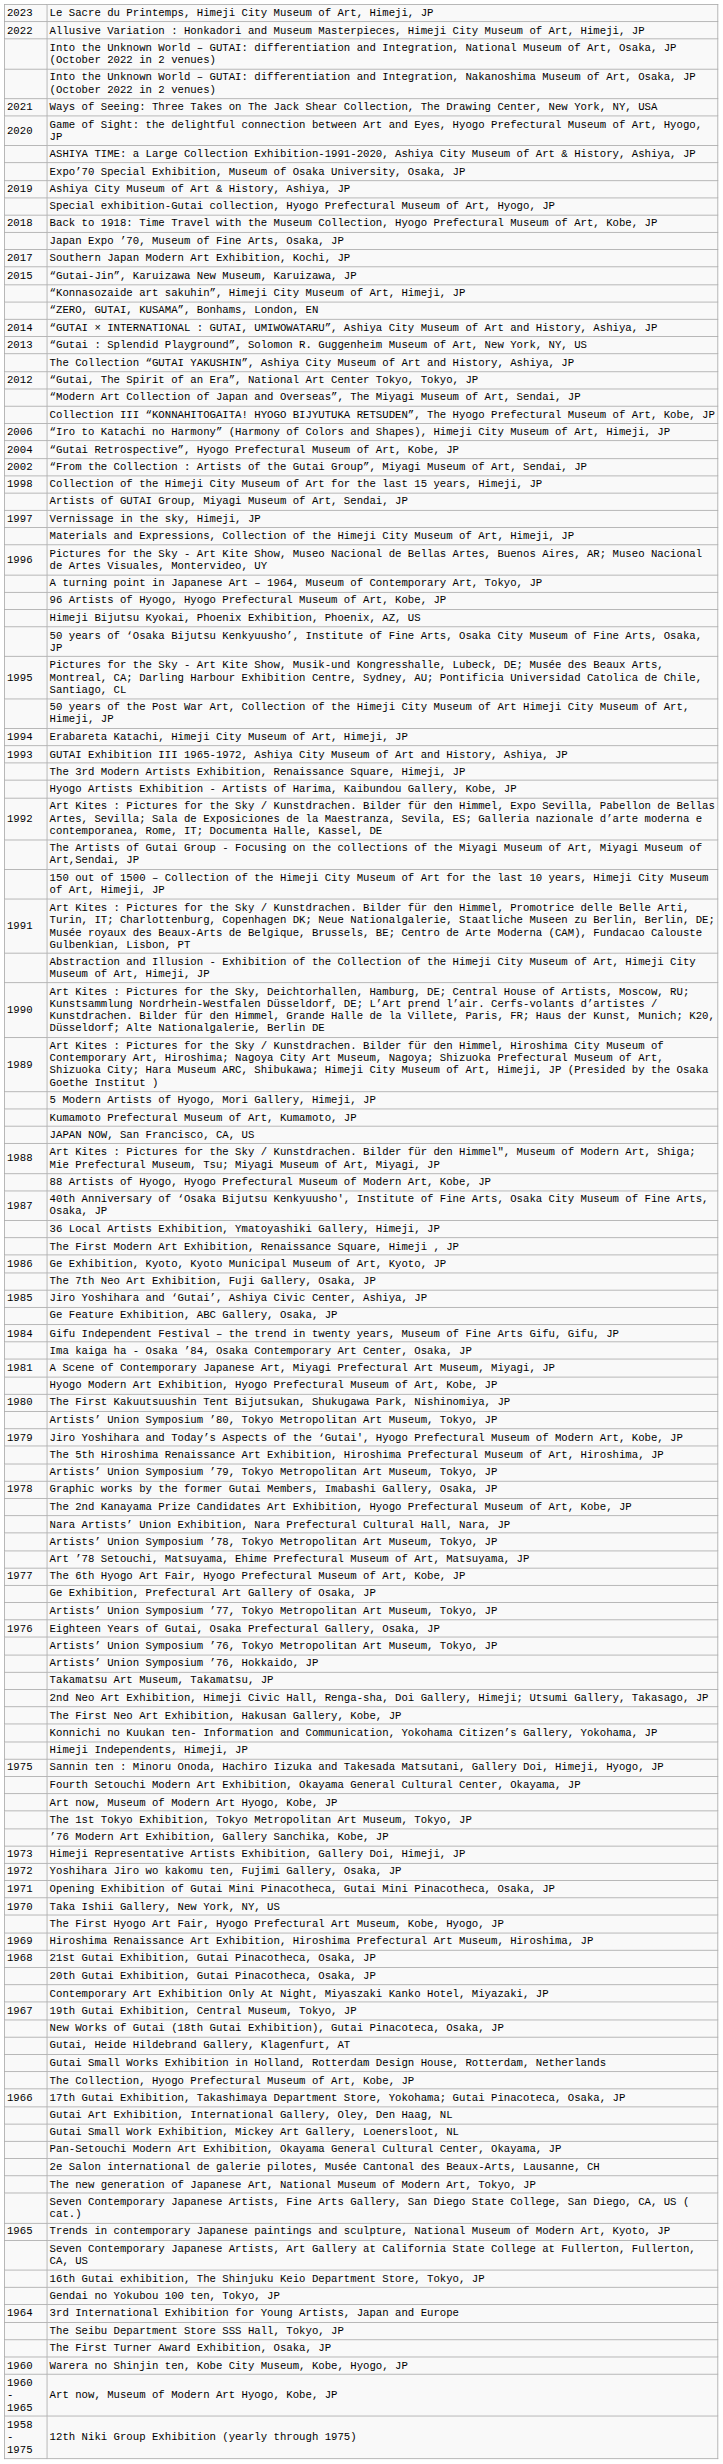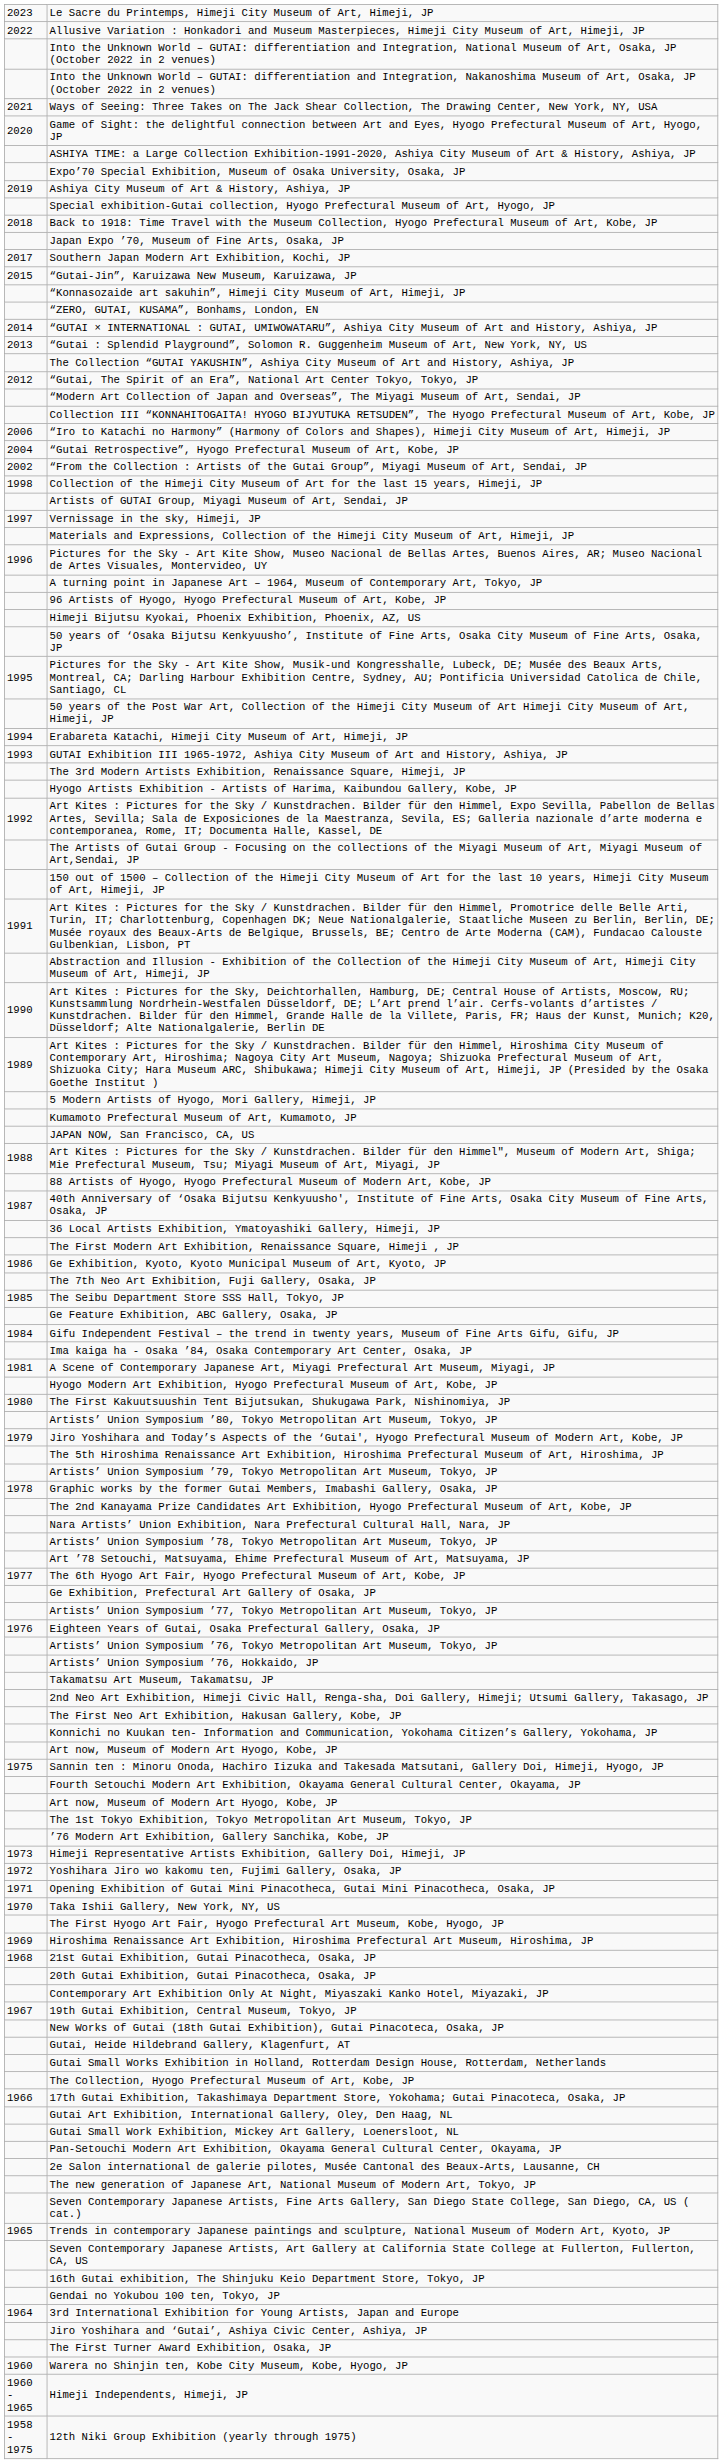 <table class="wikitable">
 <tr>
 <td>2023</td>
 <td>Le Sacre du Printemps, Himeji City Museum of Art, Himeji, JP</td>
 </tr>
 <tr>
 <td>2022</td>
 <td>Allusive Variation : Honkadori and Museum Masterpieces, Himeji City Museum of Art, Himeji, JP</td>
 </tr>
 <tr>
 <td></td>
 <td>Into the Unknown World – GUTAI: differentiation and Integration, National Museum of Art, Osaka, JP (October 2022 in 2 venues)</td>
 </tr>
 <tr>
 <td></td>
 <td>Into the Unknown World – GUTAI: differentiation and Integration, Nakanoshima Museum of Art, Osaka, JP (October 2022 in 2 venues)</td>
 </tr>
 <tr>
 <td>2021</td>
 <td>Ways of Seeing: Three Takes on The Jack Shear Collection, The Drawing Center, New York, NY, USA</td>
 </tr>
 <tr>
 <td>2020</td>
 <td>Game of Sight: the delightful connection between Art and Eyes, Hyogo Prefectural Museum of Art, Hyogo, JP</td>
 </tr>
 <tr>
 <td></td>
 <td>ASHIYA TIME: a Large Collection Exhibition-1991-2020, Ashiya City Museum of Art & History, Ashiya, JP</td>
 </tr>
 <tr>
 <td></td>
 <td>Expo’70 Special Exhibition, Museum of Osaka University, Osaka, JP</td>
 </tr>
 <tr>
 <td>2019</td>
 <td>Ashiya City Museum of Art & History, Ashiya, JP</td>
 </tr>
 <tr>
 <td></td>
 <td>Special exhibition-Gutai collection, Hyogo Prefectural Museum of Art, Hyogo, JP</td>
 </tr>
 <tr>
 <td>2018</td>
 <td>Back to 1918: Time Travel with the Museum Collection, Hyogo Prefectural Museum of Art, Kobe, JP</td>
 </tr>
 <tr>
 <td></td>
 <td>Japan Expo ’70, Museum of Fine Arts, Osaka, JP</td>
 </tr>
 <tr>
 <td>2017</td>
 <td>Southern Japan Modern Art Exhibition, Kochi, JP</td>
 </tr>
 <tr>
 <td>2015</td>
 <td>“Gutai-Jin”, Karuizawa New Museum, Karuizawa, JP</td>
 </tr>
 <tr>
 <td></td>
 <td>“Konnasozaide art sakuhin”, Himeji City Museum of Art, Himeji, JP</td>
 </tr>
 <tr>
 <td></td>
 <td>“ZERO, GUTAI, KUSAMA”, Bonhams, London, EN</td>
 </tr>
 <tr>
 <td>2014</td>
 <td>“GUTAI × INTERNATIONAL : GUTAI, UMIWOWATARU”, Ashiya City Museum of Art and History, Ashiya, JP</td>
 </tr>
 <tr>
 <td>2013</td>
 <td>“Gutai : Splendid Playground”, Solomon R. Guggenheim Museum of Art, New York, NY, US</td>
 </tr>
 <tr>
 <td></td>
 <td>The Collection “GUTAI YAKUSHIN”, Ashiya City Museum of Art and History, Ashiya, JP</td>
 </tr>
 <tr>
 <td>2012</td>
 <td>“Gutai, The Spirit of an Era”, National Art Center Tokyo, Tokyo, JP</td>
 </tr>
 <tr>
 <td></td>
 <td>“Modern Art Collection of Japan and Overseas”, The Miyagi Museum of Art, Sendai, JP</td>
 </tr>
 <tr>
 <td></td>
 <td>Collection III “KONNAHITOGAITA! HYOGO BIJYUTUKA RETSUDEN”, The Hyogo Prefectural Museum of Art, Kobe, JP</td>
 </tr>
 <tr>
 <td>2006</td>
 <td>“Iro to Katachi no Harmony” (Harmony of Colors and Shapes), Himeji City Museum of Art, Himeji, JP</td>
 </tr>
 <tr>
 <td>2004</td>
 <td>“Gutai Retrospective”, Hyogo Prefectural Museum of Art, Kobe, JP</td>
 </tr>
 <tr>
 <td>2002</td>
 <td>“From the Collection : Artists of the Gutai Group”, Miyagi Museum of Art, Sendai, JP</td>
 </tr>
 <tr>
 <td>1998</td>
 <td>Collection of the Himeji City Museum of Art for the last 15 years, Himeji, JP</td>
 </tr>
 <tr>
 <td></td>
 <td>Artists of GUTAI Group, Miyagi Museum of Art, Sendai, JP</td>
 </tr>
 <tr>
 <td>1997</td>
 <td>Vernissage in the sky, Himeji, JP</td>
 </tr>
 <tr>
 <td></td>
 <td>Materials and Expressions, Collection of the Himeji City Museum of Art, Himeji, JP</td>
 </tr>
 <tr>
 <td>1996</td>
 <td>Pictures for the Sky - Art Kite Show, Museo Nacional de Bellas Artes, Buenos Aires, AR; Museo Nacional de Artes Visuales, Montervideo, UY</td>
 </tr>
 <tr>
 <td></td>
 <td>A turning point in Japanese Art – 1964, Museum of Contemporary Art, Tokyo, JP</td>
 </tr>
 <tr>
 <td></td>
 <td>96 Artists of Hyogo, Hyogo Prefectural Museum of Art, Kobe, JP</td>
 </tr>
 <tr>
 <td></td>
 <td>Himeji Bijutsu Kyokai, Phoenix Exhibition, Phoenix, AZ, US</td>
 </tr>
 <tr>
 <td></td>
 <td>50 years of ‘Osaka Bijutsu Kenkyuusho’, Institute of Fine Arts, Osaka City Museum of Fine Arts, Osaka, JP</td>
 </tr>
 <tr>
 <td>1995</td>
 <td>Pictures for the Sky - Art Kite Show, Musik-und Kongresshalle, Lubeck, DE; Musée des Beaux Arts, Montreal, CA; Darling Harbour Exhibition Centre, Sydney, AU; Pontificia Universidad Catolica de Chile, Santiago, CL</td>
 </tr>
 <tr>
 <td></td>
 <td>50 years of the Post War Art, Collection of the Himeji City Museum of Art Himeji City Museum of Art, Himeji, JP</td>
 </tr>
 <tr>
 <td>1994</td>
 <td>Erabareta Katachi, Himeji City Museum of Art, Himeji, JP</td>
 </tr>
 <tr>
 <td>1993</td>
 <td>GUTAI Exhibition III 1965-1972, Ashiya City Museum of Art and History, Ashiya, JP</td>
 </tr>
 <tr>
 <td></td>
 <td>The 3rd Modern Artists Exhibition, Renaissance Square, Himeji, JP</td>
 </tr>
 <tr>
 <td></td>
 <td>Hyogo Artists Exhibition - Artists of Harima, Kaibundou Gallery, Kobe, JP</td>
 </tr>
 <tr>
 <td>1992</td>
 <td>Art Kites : Pictures for the Sky / Kunstdrachen. Bilder für den Himmel, Expo Sevilla, Pabellon de Bellas Artes, Sevilla; Sala de Exposiciones de la Maestranza, Sevila, ES; Galleria nazionale d’arte moderna e contemporanea, Rome, IT; Documenta Halle, Kassel, DE</td>
 </tr>
 <tr>
 <td></td>
 <td>The Artists of Gutai Group - Focusing on the collections of the Miyagi Museum of Art, Miyagi Museum of Art,Sendai, JP</td>
 </tr>
 <tr>
 <td></td>
 <td>150 out of 1500 – Collection of the Himeji City Museum of Art for the last 10 years, Himeji City Museum of Art, Himeji, JP</td>
 </tr>
 <tr>
 <td>1991</td>
 <td>Art Kites : Pictures for the Sky / Kunstdrachen. Bilder für den Himmel, Promotrice delle Belle Arti, Turin, IT; Charlottenburg, Copenhagen DK; Neue Nationalgalerie, Staatliche Museen zu Berlin, Berlin, DE; Musée royaux des Beaux-Arts de Belgique, Brussels, BE; Centro de Arte Moderna (CAM), Fundacao Calouste Gulbenkian, Lisbon, PT</td>
 </tr>
 <tr>
 <td></td>
 <td>Abstraction and Illusion - Exhibition of the Collection of the Himeji City Museum of Art, Himeji City Museum of Art, Himeji, JP</td>
 </tr>
 <tr>
 <td>1990</td>
 <td>Art Kites : Pictures for the Sky, Deichtorhallen, Hamburg, DE; Central House of Artists, Moscow, RU; Kunstsammlung Nordrhein-Westfalen Düsseldorf, DE; L’Art prend l’air. Cerfs-volants d’artistes / Kunstdrachen. Bilder für den Himmel, Grande Halle de la Villete, Paris, FR; Haus der Kunst, Munich; K20, Düsseldorf; Alte Nationalgalerie, Berlin DE</td>
 </tr>
 <tr>
 <td>1989</td>
 <td>Art Kites : Pictures for the Sky / Kunstdrachen. Bilder für den Himmel, Hiroshima City Museum of Contemporary Art, Hiroshima; Nagoya City Art Museum, Nagoya; Shizuoka Prefectural Museum of Art, Shizuoka City; Hara Museum ARC, Shibukawa; Himeji City Museum of Art, Himeji, JP (Presided by the Osaka Goethe Institut )</td>
 </tr>
 <tr>
 <td></td>
 <td>5 Modern Artists of Hyogo, Mori Gallery, Himeji, JP</td>
 </tr>
 <tr>
 <td></td>
 <td>Kumamoto Prefectural Museum of Art, Kumamoto, JP</td>
 </tr>
 <tr>
 <td></td>
 <td>JAPAN NOW, San Francisco, CA, US</td>
 </tr>
 <tr>
 <td>1988</td>
 <td>Art Kites : Pictures for the Sky / Kunstdrachen. Bilder für den Himmel", Museum of Modern Art, Shiga; Mie Prefectural Museum, Tsu; Miyagi Museum of Art, Miyagi, JP</td>
 </tr>
 <tr>
 <td></td>
 <td>88 Artists of Hyogo, Hyogo Prefectural Museum of Modern Art, Kobe, JP</td>
 </tr>
 <tr>
 <td>1987</td>
 <td>40th Anniversary of ‘Osaka Bijutsu Kenkyuusho', Institute of Fine Arts, Osaka City Museum of Fine Arts, Osaka, JP</td>
 </tr>
 <tr>
 <td></td>
 <td>36 Local Artists Exhibition, Ymatoyashiki Gallery, Himeji, JP</td>
 </tr>
 <tr>
 <td></td>
 <td>The First Modern Art Exhibition, Renaissance Square, Himeji , JP</td>
 </tr>
 <tr>
 <td>1986</td>
 <td>Ge Exhibition, Kyoto, Kyoto Municipal Museum of Art, Kyoto, JP</td>
 </tr>
 <tr>
 <td></td>
 <td>The 7th Neo Art Exhibition, Fuji Gallery, Osaka, JP</td>
 </tr>
 <tr>
 <td>1985</td>
-<td>Jiro Yoshihara and ‘Gutai’, Ashiya Civic Center, Ashiya, JP</td>
+<td>The Seibu Department Store SSS Hall, Tokyo, JP</td>
 </tr>
 <tr>
 <td></td>
 <td>Ge Feature Exhibition, ABC Gallery, Osaka, JP</td>
 </tr>
 <tr>
 <td>1984</td>
 <td>Gifu Independent Festival – the trend in twenty years, Museum of Fine Arts Gifu, Gifu, JP</td>
 </tr>
 <tr>
 <td></td>
 <td>Ima kaiga ha - Osaka ’84, Osaka Contemporary Art Center, Osaka, JP</td>
 </tr>
 <tr>
 <td>1981</td>
 <td>A Scene of Contemporary Japanese Art, Miyagi Prefectural Art Museum, Miyagi, JP</td>
 </tr>
 <tr>
 <td></td>
 <td>Hyogo Modern Art Exhibition, Hyogo Prefectural Museum of Art, Kobe, JP</td>
 </tr>
 <tr>
 <td>1980</td>
 <td>The First Kakuutsuushin Tent Bijutsukan, Shukugawa Park, Nishinomiya, JP</td>
 </tr>
 <tr>
 <td></td>
 <td>Artists’ Union Symposium ’80, Tokyo Metropolitan Art Museum, Tokyo, JP</td>
 </tr>
 <tr>
 <td>1979</td>
 <td>Jiro Yoshihara and Today’s Aspects of the ‘Gutai', Hyogo Prefectural Museum of Modern Art, Kobe, JP</td>
 </tr>
 <tr>
 <td></td>
 <td>The 5th Hiroshima Renaissance Art Exhibition, Hiroshima Prefectural Museum of Art, Hiroshima, JP</td>
 </tr>
 <tr>
 <td></td>
 <td>Artists’ Union Symposium ’79, Tokyo Metropolitan Art Museum, Tokyo, JP</td>
 </tr>
 <tr>
 <td>1978</td>
 <td>Graphic works by the former Gutai Members, Imabashi Gallery, Osaka, JP</td>
 </tr>
 <tr>
 <td></td>
 <td>The 2nd Kanayama Prize Candidates Art Exhibition, Hyogo Prefectural Museum of Art, Kobe, JP</td>
 </tr>
 <tr>
 <td></td>
 <td>Nara Artists’ Union Exhibition, Nara Prefectural Cultural Hall, Nara, JP</td>
 </tr>
 <tr>
 <td></td>
 <td>Artists’ Union Symposium ’78, Tokyo Metropolitan Art Museum, Tokyo, JP</td>
 </tr>
 <tr>
 <td></td>
 <td>Art ’78 Setouchi, Matsuyama, Ehime Prefectural Museum of Art, Matsuyama, JP</td>
 </tr>
 <tr>
 <td>1977</td>
 <td>The 6th Hyogo Art Fair, Hyogo Prefectural Museum of Art, Kobe, JP</td>
 </tr>
 <tr>
 <td></td>
 <td>Ge Exhibition, Prefectural Art Gallery of Osaka, JP</td>
 </tr>
 <tr>
 <td></td>
 <td>Artists’ Union Symposium ’77, Tokyo Metropolitan Art Museum, Tokyo, JP</td>
 </tr>
 <tr>
 <td>1976</td>
 <td>Eighteen Years of Gutai, Osaka Prefectural Gallery, Osaka, JP</td>
 </tr>
 <tr>
 <td></td>
 <td>Artists’ Union Symposium ’76, Tokyo Metropolitan Art Museum, Tokyo, JP</td>
 </tr>
 <tr>
 <td></td>
 <td>Artists’ Union Symposium ’76, Hokkaido, JP</td>
 </tr>
 <tr>
 <td></td>
 <td>Takamatsu Art Museum, Takamatsu, JP</td>
 </tr>
 <tr>
 <td></td>
 <td>2nd Neo Art Exhibition, Himeji Civic Hall, Renga-sha, Doi Gallery, Himeji; Utsumi Gallery, Takasago, JP</td>
 </tr>
 <tr>
 <td></td>
 <td>The First Neo Art Exhibition, Hakusan Gallery, Kobe, JP</td>
 </tr>
 <tr>
 <td></td>
 <td>Konnichi no Kuukan ten- Information and Communication, Yokohama Citizen’s Gallery, Yokohama, JP</td>
 </tr>
 <tr>
 <td></td>
-<td>Himeji Independents, Himeji, JP</td>
+<td>Art now, Museum of Modern Art Hyogo, Kobe, JP</td>
 </tr>
 <tr>
 <td>1975</td>
 <td>Sannin ten : Minoru Onoda, Hachiro Iizuka and Takesada Matsutani, Gallery Doi, Himeji, Hyogo, JP</td>
 </tr>
 <tr>
 <td></td>
 <td>Fourth Setouchi Modern Art Exhibition, Okayama General Cultural Center, Okayama, JP</td>
 </tr>
 <tr>
 <td></td>
 <td>Art now, Museum of Modern Art Hyogo, Kobe, JP</td>
 </tr>
 <tr>
 <td></td>
 <td>The 1st Tokyo Exhibition, Tokyo Metropolitan Art Museum, Tokyo, JP</td>
 </tr>
 <tr>
 <td></td>
 <td>’76 Modern Art Exhibition, Gallery Sanchika, Kobe, JP</td>
 </tr>
 <tr>
 <td>1973</td>
 <td>Himeji Representative Artists Exhibition, Gallery Doi, Himeji, JP</td>
 </tr>
 <tr>
 <td>1972</td>
 <td>Yoshihara Jiro wo kakomu ten, Fujimi Gallery, Osaka, JP</td>
 </tr>
 <tr>
 <td>1971</td>
 <td>Opening Exhibition of Gutai Mini Pinacotheca, Gutai Mini Pinacotheca, Osaka, JP</td>
 </tr>
 <tr>
 <td>1970</td>
 <td>Taka Ishii Gallery, New York, NY, US</td>
 </tr>
 <tr>
 <td></td>
 <td>The First Hyogo Art Fair, Hyogo Prefectural Art Museum, Kobe, Hyogo, JP</td>
 </tr>
 <tr>
 <td>1969</td>
 <td>Hiroshima Renaissance Art Exhibition, Hiroshima Prefectural Art Museum, Hiroshima, JP</td>
 </tr>
 <tr>
 <td>1968</td>
 <td>21st Gutai Exhibition, Gutai Pinacotheca, Osaka, JP</td>
 </tr>
 <tr>
 <td></td>
 <td>20th Gutai Exhibition, Gutai Pinacotheca, Osaka, JP</td>
 </tr>
 <tr>
 <td></td>
 <td>Contemporary Art Exhibition Only At Night, Miyaszaki Kanko Hotel, Miyazaki, JP</td>
 </tr>
 <tr>
 <td>1967</td>
 <td>19th Gutai Exhibition, Central Museum, Tokyo, JP</td>
 </tr>
 <tr>
 <td></td>
 <td>New Works of Gutai (18th Gutai Exhibition), Gutai Pinacoteca, Osaka, JP</td>
 </tr>
 <tr>
 <td></td>
 <td>Gutai, Heide Hildebrand Gallery, Klagenfurt, AT</td>
 </tr>
 <tr>
 <td></td>
 <td>Gutai Small Works Exhibition in Holland, Rotterdam Design House, Rotterdam, Netherlands</td>
 </tr>
 <tr>
 <td></td>
 <td>The Collection, Hyogo Prefectural Museum of Art, Kobe, JP</td>
 </tr>
 <tr>
 <td>1966</td>
 <td>17th Gutai Exhibition, Takashimaya Department Store, Yokohama; Gutai Pinacoteca, Osaka, JP</td>
 </tr>
 <tr>
 <td></td>
 <td>Gutai Art Exhibition, International Gallery, Oley, Den Haag, NL</td>
 </tr>
 <tr>
 <td></td>
 <td>Gutai Small Work Exhibition, Mickey Art Gallery, Loenersloot, NL</td>
 </tr>
 <tr>
 <td></td>
 <td>Pan-Setouchi Modern Art Exhibition, Okayama General Cultural Center, Okayama, JP</td>
 </tr>
 <tr>
 <td></td>
 <td>2e Salon international de galerie pilotes, Musée Cantonal des Beaux-Arts, Lausanne, CH</td>
 </tr>
 <tr>
 <td></td>
 <td>The new generation of Japanese Art, National Museum of Modern Art, Tokyo, JP</td>
 </tr>
 <tr>
 <td></td>
 <td>Seven Contemporary Japanese Artists, Fine Arts Gallery, San Diego State College, San Diego, CA, US ( cat.)</td>
 </tr>
 <tr>
 <td>1965</td>
 <td>Trends in contemporary Japanese paintings and sculpture, National Museum of Modern Art, Kyoto, JP</td>
 </tr>
 <tr>
 <td></td>
 <td>Seven Contemporary Japanese Artists, Art Gallery at California State College at Fullerton, Fullerton, CA, US</td>
 </tr>
 <tr>
 <td></td>
 <td>16th Gutai exhibition, The Shinjuku Keio Department Store, Tokyo, JP</td>
 </tr>
 <tr>
 <td></td>
 <td>Gendai no Yokubou 100 ten, Tokyo, JP</td>
 </tr>
 <tr>
 <td>1964</td>
 <td>3rd International Exhibition for Young Artists, Japan and Europe</td>
 </tr>
 <tr>
 <td></td>
-<td>The Seibu Department Store SSS Hall, Tokyo, JP</td>
+<td>Jiro Yoshihara and ‘Gutai’, Ashiya Civic Center, Ashiya, JP</td>
 </tr>
 <tr>
 <td></td>
 <td>The First Turner Award Exhibition, Osaka, JP</td>
 </tr>
 <tr>
 <td>1960</td>
 <td>Warera no Shinjin ten, Kobe City Museum, Kobe, Hyogo, JP</td>
 </tr>
 <tr>
 <td>1960 - 1965</td>
-<td>Art now, Museum of Modern Art Hyogo, Kobe, JP</td>
+<td>Himeji Independents, Himeji, JP</td>
 </tr>
 <tr>
 <td>1958 - 1975</td>
 <td>12th Niki Group Exhibition (yearly through 1975)</td>
 </tr>
 </table>
